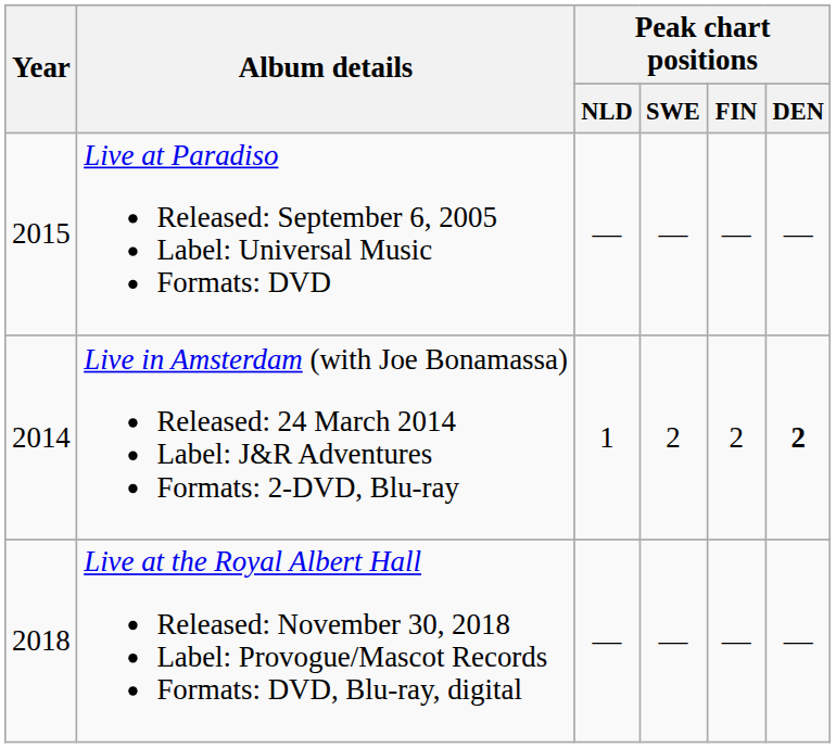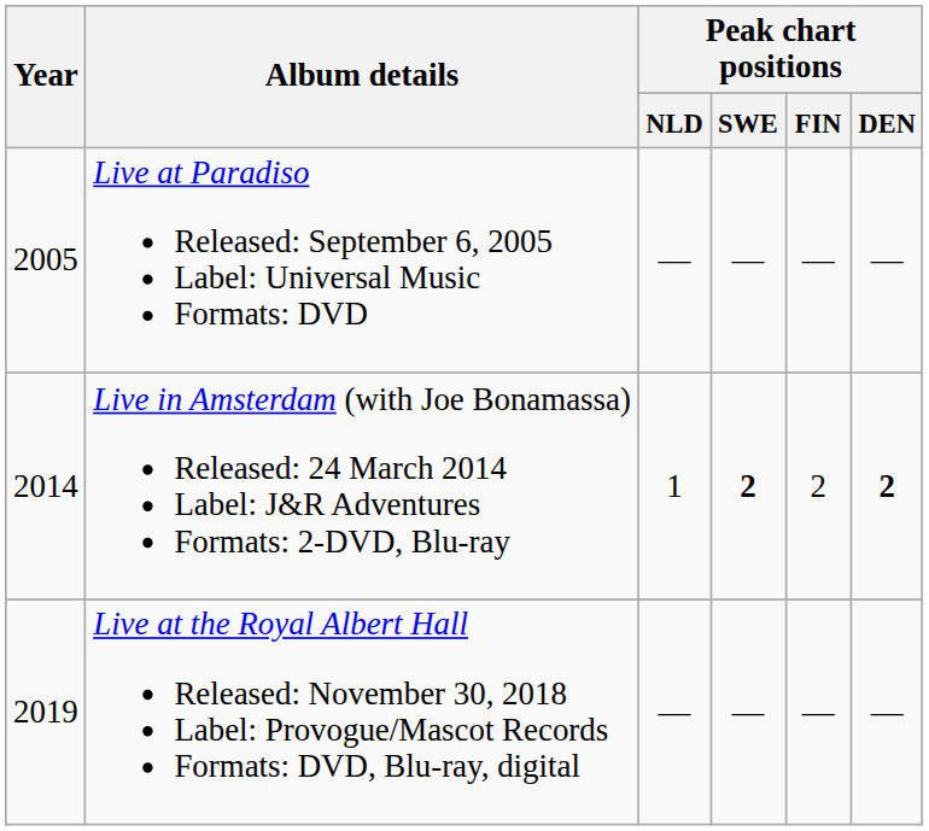 <table class=wikitable style=text-align:center;>
 <tr>
 <th rowspan=2>Year</th>
 <th rowspan=2>Album details</th>
 <th colspan=4>Peak chart positions</th>
 </tr>
 <tr style="vertical-align:top;line-height:1.2">
 <th width=25px><small>NLD</small><br></th>
 <th width=25px><small>SWE</small><br></th>
 <th width=25px><small>FIN</small><br></th>
 <th width=25px><small>DEN</small><br></th>
 </tr>
 <tr>
-<td>2015</td>
+<td>2005</td>
 <td align=left><em><a href='#'>Live at Paradiso</a></em><br><ul><li>Released: September 6, 2005</li><li>Label: Universal Music</li><li>Formats: DVD</li></ul></td>
 <td>—</td>
 <td>—</td>
 <td>—</td>
 <td>—</td>
 </tr>
 <tr>
 <td>2014</td>
 <td align=left><em><a href='#'>Live in Amsterdam</a></em> (with Joe Bonamassa)<br><ul><li>Released: 24 March 2014</li><li>Label: J&R Adventures</li><li>Formats: 2-DVD, Blu-ray</li></ul></td>
 <td>1</td>
-<td>2</td>
+<td><strong>2</strong></td>
 <td>2</td>
 <td><strong>2</strong></td>
 </tr>
 <tr>
-<td>2018</td>
+<td>2019</td>
 <td align=left><em><a href='#'>Live at the Royal Albert Hall</a></em><br><ul><li>Released: November 30, 2018</li><li>Label: Provogue/Mascot Records</li><li>Formats: DVD, Blu-ray, digital</li></ul></td>
 <td>—</td>
 <td>—</td>
 <td>—</td>
 <td>—</td>
 </tr>
 </table>
